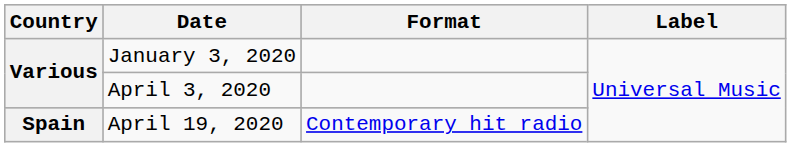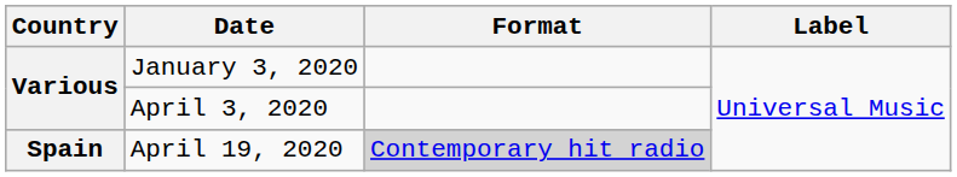 <table class="wikitable plainrowheaders">
 <tr>
 <th>Country</th>
 <th>Date</th>
 <th>Format</th>
 <th>Label</th>
 </tr>
 <tr>
 <th rowspan="2" scope="row">Various</th>
 <td>January 3, 2020</td>
 <td></td>
 <td rowspan="3"><a href='#'>Universal Music</a></td>
 </tr>
 <tr>
 <td>April 3, 2020</td>
 <td></td>
 </tr>
 <tr>
 <th scope="row">Spain</th>
 <td>April 19, 2020</td>
-<td><a href='#'>Contemporary hit radio</a></td>
+<td style="background: lightgrey;"><a href='#'>Contemporary hit radio</a></td>
 </tr>
 </table>
